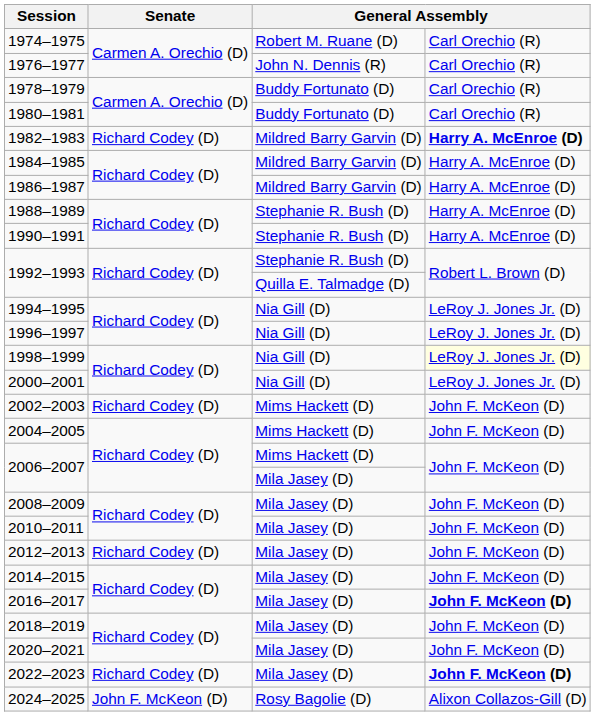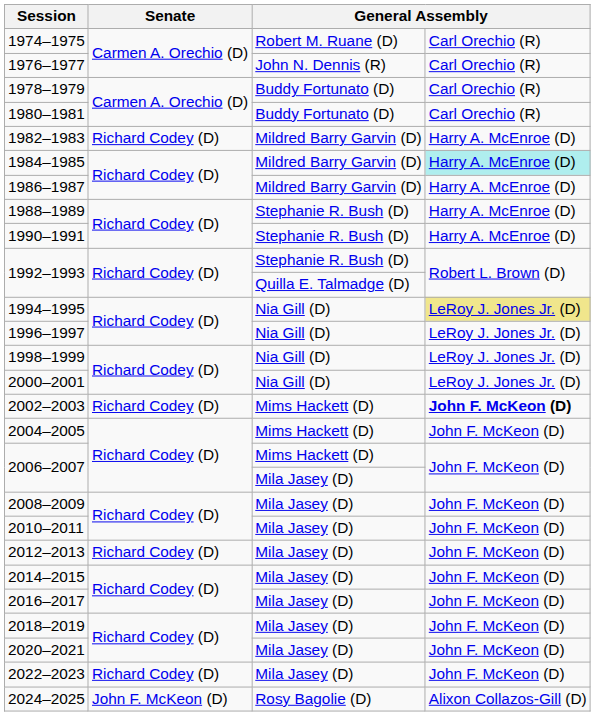 <table class="wikitable">
 <tr>
 <th>Session</th>
 <th>Senate</th>
 <th colspan=2>General Assembly</th>
 </tr>
 <tr>
 <td>1974–1975</td>
 <td rowspan=2 ><a href='#'>Carmen A. Orechio</a> (D)</td>
 <td><a href='#'>Robert M. Ruane</a> (D)</td>
 <td><a href='#'>Carl Orechio</a> (R)</td>
 </tr>
 <tr>
 <td>1976–1977</td>
 <td><a href='#'>John N. Dennis</a> (R)</td>
 <td><a href='#'>Carl Orechio</a> (R)</td>
 </tr>
 <tr>
 <td>1978–1979</td>
 <td rowspan=2 ><a href='#'>Carmen A. Orechio</a> (D)</td>
 <td><a href='#'>Buddy Fortunato</a> (D)</td>
 <td><a href='#'>Carl Orechio</a> (R)</td>
 </tr>
 <tr>
 <td>1980–1981</td>
 <td><a href='#'>Buddy Fortunato</a> (D)</td>
 <td><a href='#'>Carl Orechio</a> (R)</td>
 </tr>
 <tr>
 <td>1982–1983</td>
 <td><a href='#'>Richard Codey</a> (D)</td>
 <td><a href='#'>Mildred Barry Garvin</a> (D)</td>
-<td><strong><a href='#'>Harry A. McEnroe</a> (D)</strong></td>
+<td><a href='#'>Harry A. McEnroe</a> (D)</td>
 </tr>
 <tr>
 <td>1984–1985</td>
 <td rowspan=2 ><a href='#'>Richard Codey</a> (D)</td>
 <td><a href='#'>Mildred Barry Garvin</a> (D)</td>
-<td><a href='#'>Harry A. McEnroe</a> (D)</td>
+<td style="background: paleturquoise;"><a href='#'>Harry A. McEnroe</a> (D)</td>
 </tr>
 <tr>
 <td>1986–1987</td>
 <td><a href='#'>Mildred Barry Garvin</a> (D)</td>
 <td><a href='#'>Harry A. McEnroe</a> (D)</td>
 </tr>
 <tr>
 <td>1988–1989</td>
 <td rowspan=2 ><a href='#'>Richard Codey</a> (D)</td>
 <td><a href='#'>Stephanie R. Bush</a> (D)</td>
 <td><a href='#'>Harry A. McEnroe</a> (D)</td>
 </tr>
 <tr>
 <td>1990–1991</td>
 <td><a href='#'>Stephanie R. Bush</a> (D)</td>
 <td><a href='#'>Harry A. McEnroe</a> (D)</td>
 </tr>
 <tr>
 <td rowspan=2>1992–1993</td>
 <td rowspan=2 ><a href='#'>Richard Codey</a> (D)</td>
 <td><a href='#'>Stephanie R. Bush</a> (D)</td>
 <td rowspan=2 ><a href='#'>Robert L. Brown</a> (D)</td>
 </tr>
 <tr>
 <td><a href='#'>Quilla E. Talmadge</a> (D)</td>
 </tr>
 <tr>
 <td>1994–1995</td>
 <td rowspan=2 ><a href='#'>Richard Codey</a> (D)</td>
 <td><a href='#'>Nia Gill</a> (D)</td>
-<td><a href='#'>LeRoy J. Jones Jr.</a> (D)</td>
+<td style="background: khaki;"><a href='#'>LeRoy J. Jones Jr.</a> (D)</td>
 </tr>
 <tr>
 <td>1996–1997</td>
 <td><a href='#'>Nia Gill</a> (D)</td>
 <td><a href='#'>LeRoy J. Jones Jr.</a> (D)</td>
 </tr>
 <tr>
 <td>1998–1999</td>
 <td rowspan=2 ><a href='#'>Richard Codey</a> (D)</td>
 <td><a href='#'>Nia Gill</a> (D)</td>
-<td style="background: lightyellow;"><a href='#'>LeRoy J. Jones Jr.</a> (D)</td>
+<td><a href='#'>LeRoy J. Jones Jr.</a> (D)</td>
 </tr>
 <tr>
 <td>2000–2001</td>
 <td><a href='#'>Nia Gill</a> (D)</td>
 <td><a href='#'>LeRoy J. Jones Jr.</a> (D)</td>
 </tr>
 <tr>
 <td>2002–2003</td>
 <td><a href='#'>Richard Codey</a> (D)</td>
 <td><a href='#'>Mims Hackett</a> (D)</td>
-<td><a href='#'>John F. McKeon</a> (D)</td>
+<td><strong><a href='#'>John F. McKeon</a> (D)</strong></td>
 </tr>
 <tr>
 <td>2004–2005</td>
 <td rowspan=3 ><a href='#'>Richard Codey</a> (D)</td>
 <td><a href='#'>Mims Hackett</a> (D)</td>
 <td><a href='#'>John F. McKeon</a> (D)</td>
 </tr>
 <tr>
 <td rowspan=2>2006–2007</td>
 <td><a href='#'>Mims Hackett</a> (D)</td>
 <td rowspan=2 ><a href='#'>John F. McKeon</a> (D)</td>
 </tr>
 <tr>
 <td><a href='#'>Mila Jasey</a> (D)</td>
 </tr>
 <tr>
 <td>2008–2009</td>
 <td rowspan=2 ><a href='#'>Richard Codey</a> (D)</td>
 <td><a href='#'>Mila Jasey</a> (D)</td>
 <td><a href='#'>John F. McKeon</a> (D)</td>
 </tr>
 <tr>
 <td>2010–2011</td>
 <td><a href='#'>Mila Jasey</a> (D)</td>
 <td><a href='#'>John F. McKeon</a> (D)</td>
 </tr>
 <tr>
 <td>2012–2013</td>
 <td><a href='#'>Richard Codey</a> (D)</td>
 <td><a href='#'>Mila Jasey</a> (D)</td>
 <td><a href='#'>John F. McKeon</a> (D)</td>
 </tr>
 <tr>
 <td>2014–2015</td>
 <td rowspan=2 ><a href='#'>Richard Codey</a> (D)</td>
 <td><a href='#'>Mila Jasey</a> (D)</td>
 <td><a href='#'>John F. McKeon</a> (D)</td>
 </tr>
 <tr>
 <td>2016–2017</td>
 <td><a href='#'>Mila Jasey</a> (D)</td>
-<td><strong><a href='#'>John F. McKeon</a> (D)</strong></td>
+<td><a href='#'>John F. McKeon</a> (D)</td>
 </tr>
 <tr>
 <td>2018–2019</td>
 <td rowspan=2 ><a href='#'>Richard Codey</a> (D)</td>
 <td><a href='#'>Mila Jasey</a> (D)</td>
 <td><a href='#'>John F. McKeon</a> (D)</td>
 </tr>
 <tr>
 <td>2020–2021</td>
 <td><a href='#'>Mila Jasey</a> (D)</td>
 <td><a href='#'>John F. McKeon</a> (D)</td>
 </tr>
 <tr>
 <td>2022–2023</td>
 <td><a href='#'>Richard Codey</a> (D)</td>
 <td><a href='#'>Mila Jasey</a> (D)</td>
-<td><strong><a href='#'>John F. McKeon</a> (D)</strong></td>
+<td><a href='#'>John F. McKeon</a> (D)</td>
 </tr>
 <tr>
 <td>2024–2025</td>
 <td><a href='#'>John F. McKeon</a> (D)</td>
 <td><a href='#'>Rosy Bagolie</a> (D)</td>
 <td><a href='#'>Alixon Collazos-Gill</a> (D)</td>
 </tr>
 </table>
